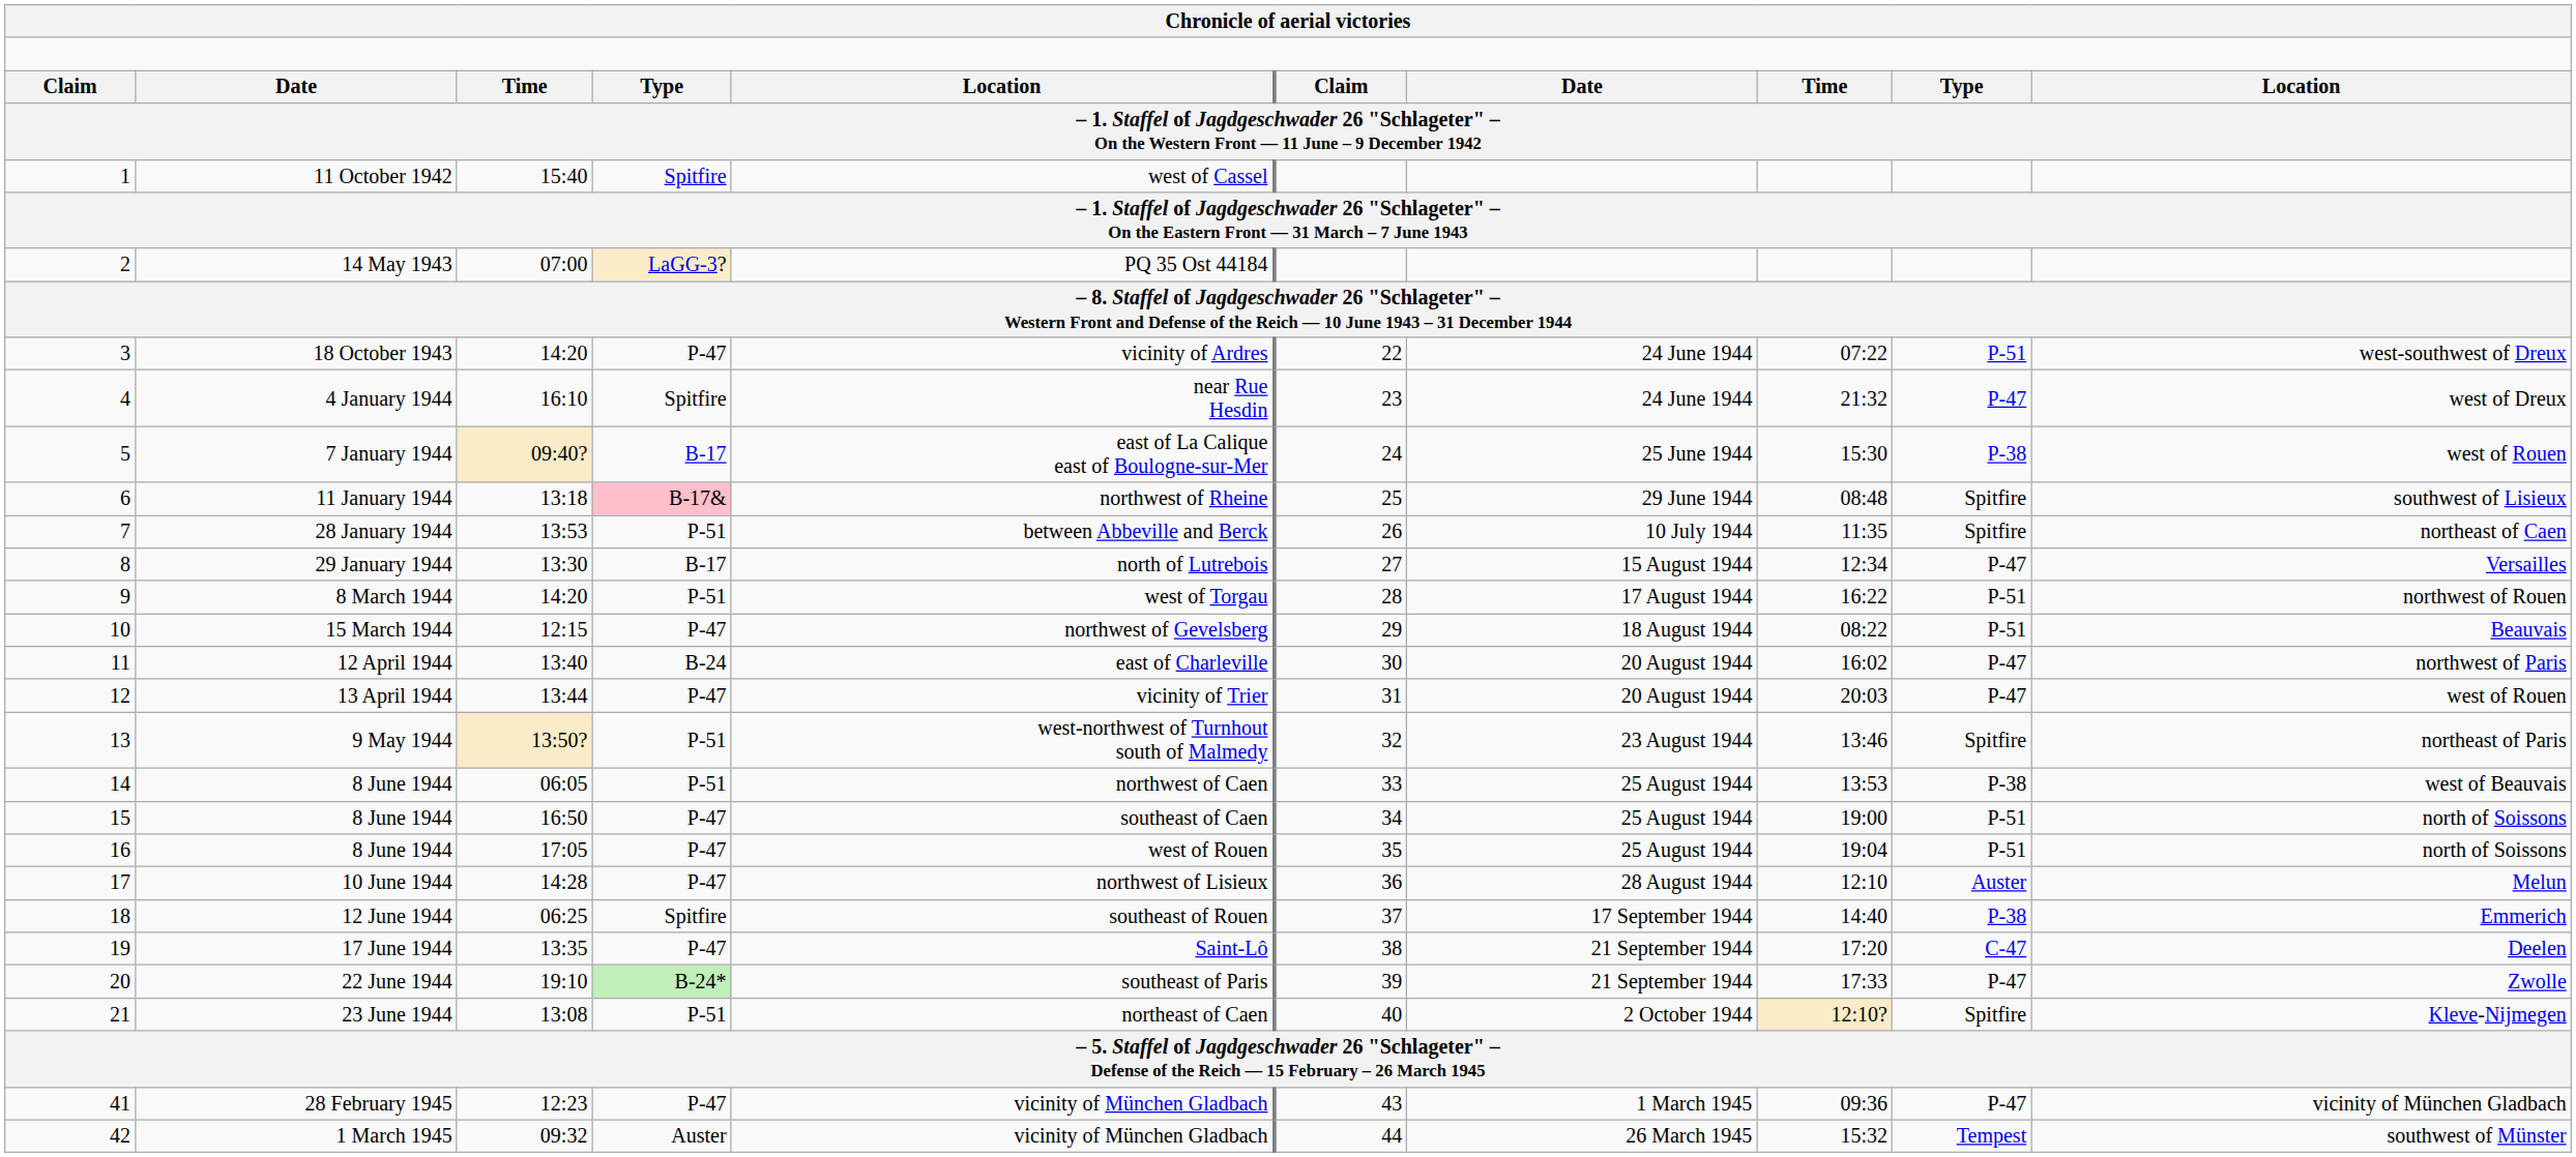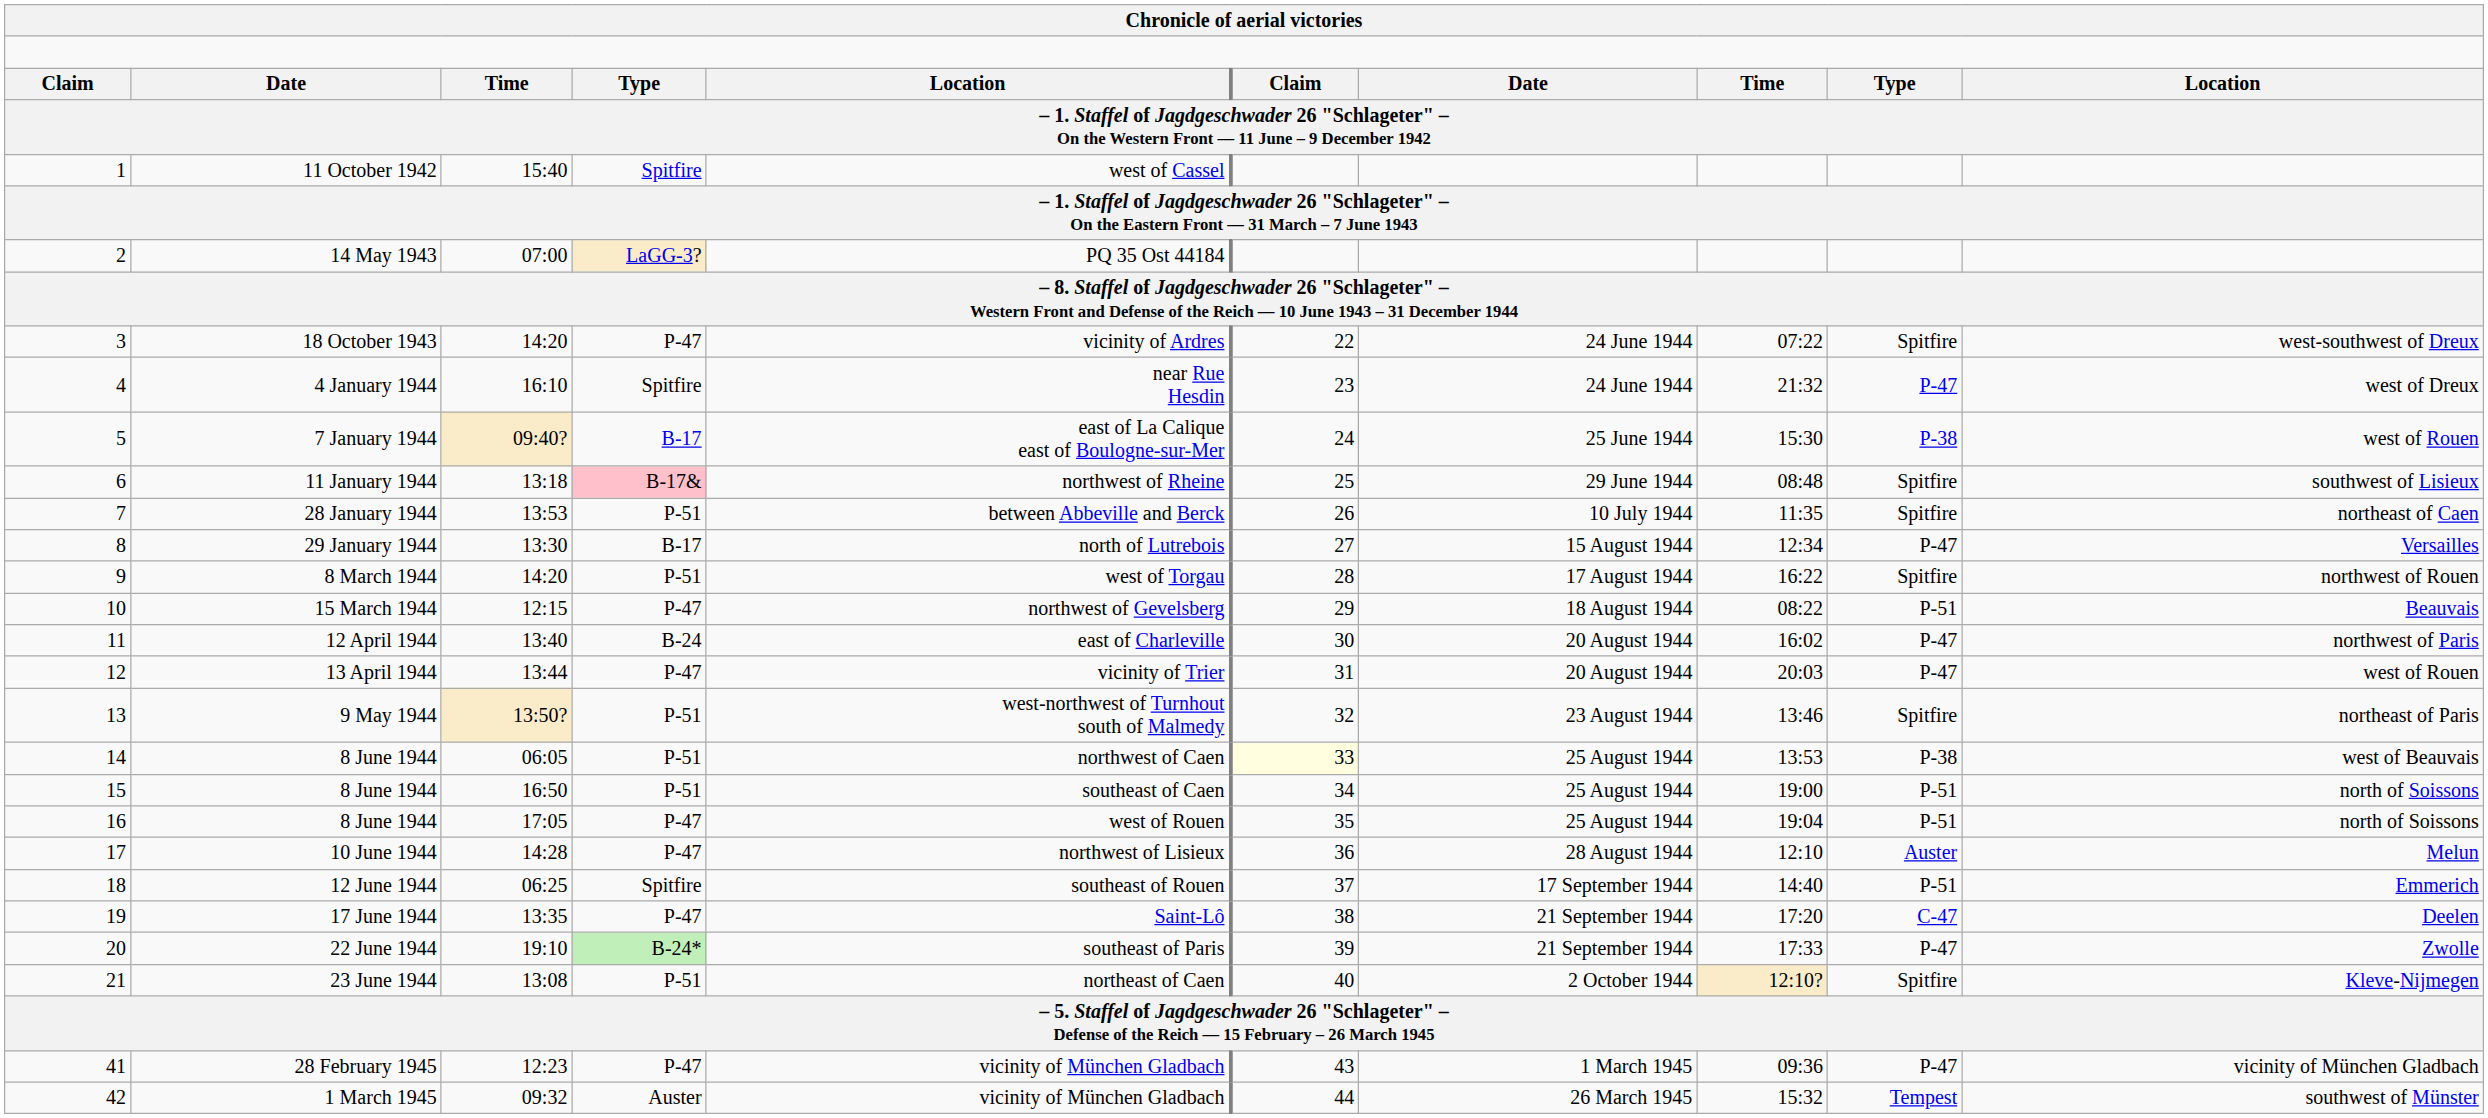 <table class="wikitable plainrowheaders collapsible" style="margin-left: auto; margin-right: auto; border: none; text-align:right; width: 100%;">
 <tr>
 <th colspan="10">Chronicle of aerial victories</th>
 </tr>
 <tr>
 <td colspan="10" style="text-align: left;"><br>  </td>
 </tr>
 <tr>
 <th scope="col">Claim</th>
 <th scope="col">Date</th>
 <th scope="col">Time</th>
 <th scope="col" width="100px">Type</th>
 <th scope="col">Location</th>
 <th scope="col" style="border-left: 3px solid grey;">Claim</th>
 <th scope="col">Date</th>
 <th scope="col">Time</th>
 <th scope="col" width="100px">Type</th>
 <th scope="col">Location</th>
 </tr>
 <tr>
 <th colspan="10">– 1. <em>Staffel</em> of <em>Jagdgeschwader</em> 26 "Schlageter" –<br><small>On the Western Front — 11 June – 9 December 1942</small></th>
 </tr>
 <tr>
 <td>1</td>
 <td>11 October 1942</td>
 <td>15:40</td>
 <td><a href='#'>Spitfire</a></td>
 <td> west of <a href='#'>Cassel</a></td>
 <td style="border-left: 3px solid grey;"></td>
 <td></td>
 <td></td>
 <td></td>
 <td></td>
 </tr>
 <tr>
 <th colspan="10">– 1. <em>Staffel</em> of <em>Jagdgeschwader</em> 26 "Schlageter" –<br><small>On the Eastern Front — 31 March – 7 June 1943</small></th>
 </tr>
 <tr>
 <td>2</td>
 <td>14 May 1943</td>
 <td>07:00</td>
 <td style="background:#faecc8"><a href='#'>LaGG-3</a>?</td>
 <td>PQ 35 Ost 44184</td>
 <td style="border-left: 3px solid grey;"></td>
 <td></td>
 <td></td>
 <td></td>
 <td></td>
 </tr>
 <tr>
 <th colspan="10">– 8. <em>Staffel</em> of <em>Jagdgeschwader</em> 26 "Schlageter" –<br><small>Western Front and Defense of the Reich — 10 June 1943 – 31 December 1944</small></th>
 </tr>
 <tr>
 <td>3</td>
 <td>18 October 1943</td>
 <td>14:20</td>
 <td>P-47</td>
 <td>vicinity of <a href='#'>Ardres</a></td>
 <td style="border-left: 3px solid grey;">22</td>
 <td>24 June 1944</td>
 <td>07:22</td>
-<td><a href='#'>P-51</a></td>
+<td>Spitfire</td>
 <td> west-southwest of <a href='#'>Dreux</a></td>
 </tr>
 <tr>
 <td>4</td>
 <td>4 January 1944</td>
 <td>16:10</td>
 <td>Spitfire</td>
 <td>near <a href='#'>Rue</a><br><a href='#'>Hesdin</a></td>
 <td style="border-left: 3px solid grey;">23</td>
 <td>24 June 1944</td>
 <td>21:32</td>
 <td><a href='#'>P-47</a></td>
 <td>west of Dreux</td>
 </tr>
 <tr>
 <td>5</td>
 <td>7 January 1944</td>
 <td style="background:#faecc8">09:40?</td>
 <td><a href='#'>B-17</a></td>
 <td> east of La Calique<br>east of <a href='#'>Boulogne-sur-Mer</a></td>
 <td style="border-left: 3px solid grey;">24</td>
 <td>25 June 1944</td>
 <td>15:30</td>
 <td><a href='#'>P-38</a></td>
 <td>west of <a href='#'>Rouen</a></td>
 </tr>
 <tr>
 <td>6</td>
 <td>11 January 1944</td>
 <td>13:18</td>
 <td style="background:pink;">B-17&</td>
 <td> northwest of <a href='#'>Rheine</a></td>
 <td style="border-left: 3px solid grey;">25</td>
 <td>29 June 1944</td>
 <td>08:48</td>
 <td>Spitfire</td>
 <td> southwest of <a href='#'>Lisieux</a></td>
 </tr>
 <tr>
 <td>7</td>
 <td>28 January 1944</td>
 <td>13:53</td>
 <td>P-51</td>
 <td>between <a href='#'>Abbeville</a> and <a href='#'>Berck</a></td>
 <td style="border-left: 3px solid grey;">26</td>
 <td>10 July 1944</td>
 <td>11:35</td>
 <td>Spitfire</td>
 <td>northeast of <a href='#'>Caen</a></td>
 </tr>
 <tr>
 <td>8</td>
 <td>29 January 1944</td>
 <td>13:30</td>
 <td>B-17</td>
 <td> north of <a href='#'>Lutrebois</a></td>
 <td style="border-left: 3px solid grey;">27</td>
 <td>15 August 1944</td>
 <td>12:34</td>
 <td>P-47</td>
 <td><a href='#'>Versailles</a></td>
 </tr>
 <tr>
 <td>9</td>
 <td>8 March 1944</td>
 <td>14:20</td>
 <td>P-51</td>
 <td> west of <a href='#'>Torgau</a></td>
 <td style="border-left: 3px solid grey;">28</td>
 <td>17 August 1944</td>
 <td>16:22</td>
-<td>P-51</td>
+<td>Spitfire</td>
 <td>northwest of Rouen</td>
 </tr>
 <tr>
 <td>10</td>
 <td>15 March 1944</td>
 <td>12:15</td>
 <td>P-47</td>
 <td>northwest of <a href='#'>Gevelsberg</a></td>
 <td style="border-left: 3px solid grey;">29</td>
 <td>18 August 1944</td>
 <td>08:22</td>
 <td>P-51</td>
 <td><a href='#'>Beauvais</a></td>
 </tr>
 <tr>
 <td>11</td>
 <td>12 April 1944</td>
 <td>13:40</td>
 <td>B-24</td>
 <td> east of <a href='#'>Charleville</a></td>
 <td style="border-left: 3px solid grey;">30</td>
 <td>20 August 1944</td>
 <td>16:02</td>
 <td>P-47</td>
 <td>northwest of <a href='#'>Paris</a></td>
 </tr>
 <tr>
 <td>12</td>
 <td>13 April 1944</td>
 <td>13:44</td>
 <td>P-47</td>
 <td>vicinity of <a href='#'>Trier</a></td>
 <td style="border-left: 3px solid grey;">31</td>
 <td>20 August 1944</td>
 <td>20:03</td>
 <td>P-47</td>
 <td>west of Rouen</td>
 </tr>
 <tr>
 <td>13</td>
 <td>9 May 1944</td>
 <td style="background:#faecc8">13:50?</td>
 <td>P-51</td>
 <td> west-northwest of <a href='#'>Turnhout</a><br>south of <a href='#'>Malmedy</a></td>
 <td style="border-left: 3px solid grey;">32</td>
 <td>23 August 1944</td>
 <td>13:46</td>
 <td>Spitfire</td>
 <td>northeast of Paris</td>
 </tr>
 <tr>
 <td>14</td>
 <td>8 June 1944</td>
 <td>06:05</td>
 <td>P-51</td>
 <td>northwest of Caen</td>
-<td style="border-left: 3px solid grey;">33</td>
+<td style="background: lightyellow; border-left: 3px solid grey;">33</td>
 <td>25 August 1944</td>
 <td>13:53</td>
 <td>P-38</td>
 <td>west of Beauvais</td>
 </tr>
 <tr>
 <td>15</td>
 <td>8 June 1944</td>
 <td>16:50</td>
-<td>P-47</td>
+<td>P-51</td>
 <td> southeast of Caen</td>
 <td style="border-left: 3px solid grey;">34</td>
 <td>25 August 1944</td>
 <td>19:00</td>
 <td>P-51</td>
 <td>north of <a href='#'>Soissons</a></td>
 </tr>
 <tr>
 <td>16</td>
 <td>8 June 1944</td>
 <td>17:05</td>
 <td>P-47</td>
 <td>west of Rouen</td>
 <td style="border-left: 3px solid grey;">35</td>
 <td>25 August 1944</td>
 <td>19:04</td>
 <td>P-51</td>
 <td>north of Soissons</td>
 </tr>
 <tr>
 <td>17</td>
 <td>10 June 1944</td>
 <td>14:28</td>
 <td>P-47</td>
 <td>northwest of Lisieux</td>
 <td style="border-left: 3px solid grey;">36</td>
 <td>28 August 1944</td>
 <td>12:10</td>
 <td><a href='#'>Auster</a></td>
 <td><a href='#'>Melun</a></td>
 </tr>
 <tr>
 <td>18</td>
 <td>12 June 1944</td>
 <td>06:25</td>
 <td>Spitfire</td>
 <td> southeast of Rouen</td>
 <td style="border-left: 3px solid grey;">37</td>
 <td>17 September 1944</td>
 <td>14:40</td>
-<td><a href='#'>P-38</a></td>
+<td>P-51</td>
 <td><a href='#'>Emmerich</a></td>
 </tr>
 <tr>
 <td>19</td>
 <td>17 June 1944</td>
 <td>13:35</td>
 <td>P-47</td>
 <td><a href='#'>Saint-Lô</a></td>
 <td style="border-left: 3px solid grey;">38</td>
 <td>21 September 1944</td>
 <td>17:20</td>
 <td><a href='#'>C-47</a></td>
 <td><a href='#'>Deelen</a></td>
 </tr>
 <tr>
 <td>20</td>
 <td>22 June 1944</td>
 <td>19:10</td>
 <td style="background:#C0EFBA">B-24*</td>
 <td>southeast of Paris</td>
 <td style="border-left: 3px solid grey;">39</td>
 <td>21 September 1944</td>
 <td>17:33</td>
 <td>P-47</td>
 <td><a href='#'>Zwolle</a></td>
 </tr>
 <tr>
 <td>21</td>
 <td>23 June 1944</td>
 <td>13:08</td>
 <td>P-51</td>
 <td>northeast of Caen</td>
 <td style="border-left: 3px solid grey;">40</td>
 <td>2 October 1944</td>
 <td style="background:#faecc8">12:10?</td>
 <td>Spitfire</td>
 <td><a href='#'>Kleve</a>-<a href='#'>Nijmegen</a></td>
 </tr>
 <tr>
 <th colspan="10">– 5. <em>Staffel</em> of <em>Jagdgeschwader</em> 26 "Schlageter" –<br><small>Defense of the Reich — 15 February – 26 March 1945</small></th>
 </tr>
 <tr>
 <td>41</td>
 <td>28 February 1945</td>
 <td>12:23</td>
 <td>P-47</td>
 <td>vicinity of <a href='#'>München Gladbach</a></td>
 <td style="border-left: 3px solid grey;">43</td>
 <td>1 March 1945</td>
 <td>09:36</td>
 <td>P-47</td>
 <td>vicinity of München Gladbach</td>
 </tr>
 <tr>
 <td>42</td>
 <td>1 March 1945</td>
 <td>09:32</td>
 <td>Auster</td>
 <td>vicinity of München Gladbach</td>
 <td style="border-left: 3px solid grey;">44</td>
 <td>26 March 1945</td>
 <td>15:32</td>
 <td><a href='#'>Tempest</a></td>
 <td>southwest of <a href='#'>Münster</a></td>
 </tr>
 </table>
